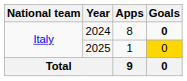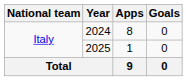 <table class="wikitable" style="text-align: center;">
 <tr>
 <th>National team</th>
 <th>Year</th>
 <th>Apps</th>
 <th>Goals</th>
 </tr>
 <tr>
 <td rowspan="2"><a href='#'>Italy</a></td>
 <td>2024</td>
 <td>8</td>
-<td><strong>0</strong></td>
+<td>0</td>
 </tr>
 <tr>
 <td>2025</td>
 <td>1</td>
-<td style="background: gold;">0</td>
+<td>0</td>
 </tr>
 <tr>
 <th colspan="2">Total</th>
 <th>9</th>
 <th>0</th>
 </tr>
 </table>
